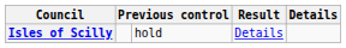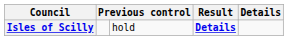 <table class="wikitable sortable" border="1">
 <tr>
 <th scope="col">Council</th>
 <th colspan=2>Previous control</th>
 <th colspan=2>Result</th>
 <th class="unsortable" scope="col">Details</th>
 </tr>
 <tr>
 <th scope="row" style="text-align: left;"><a href='#'>Isles of Scilly</a></th>
 <td></td>
 <td> hold</td>
-<td><a href='#'>Details</a></td>
+<td><strong><a href='#'>Details</a></strong></td>
 </tr>
 </table>
